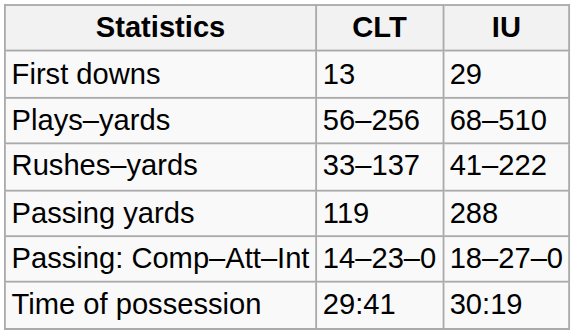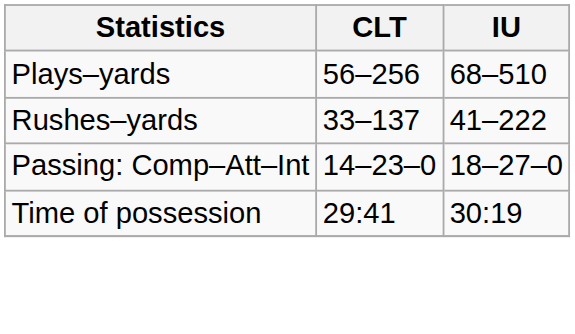 <table class="wikitable" style="float: left;">
 <tr>
 <th>Statistics</th>
 <th>CLT</th>
 <th>IU</th>
-</tr>
-<tr>
-<td>First downs</td>
-<td>13</td>
-<td>29</td>
 </tr>
 <tr>
 <td>Plays–yards</td>
 <td>56–256</td>
 <td>68–510</td>
 </tr>
 <tr>
 <td>Rushes–yards</td>
 <td>33–137</td>
 <td>41–222</td>
-</tr>
-<tr>
-<td>Passing yards</td>
-<td>119</td>
-<td>288</td>
 </tr>
 <tr>
 <td>Passing: Comp–Att–Int</td>
 <td>14–23–0</td>
 <td>18–27–0</td>
 </tr>
 <tr>
 <td>Time of possession</td>
 <td>29:41</td>
 <td>30:19</td>
 </tr>
 <tr>
 </tr>
 </table>
